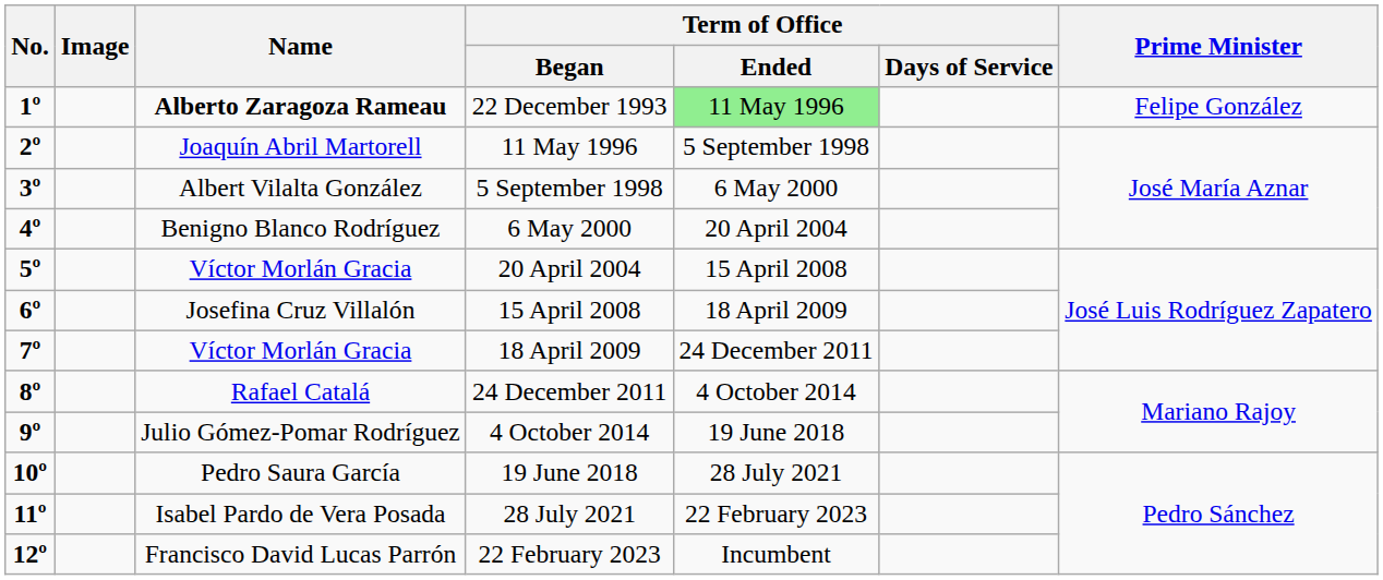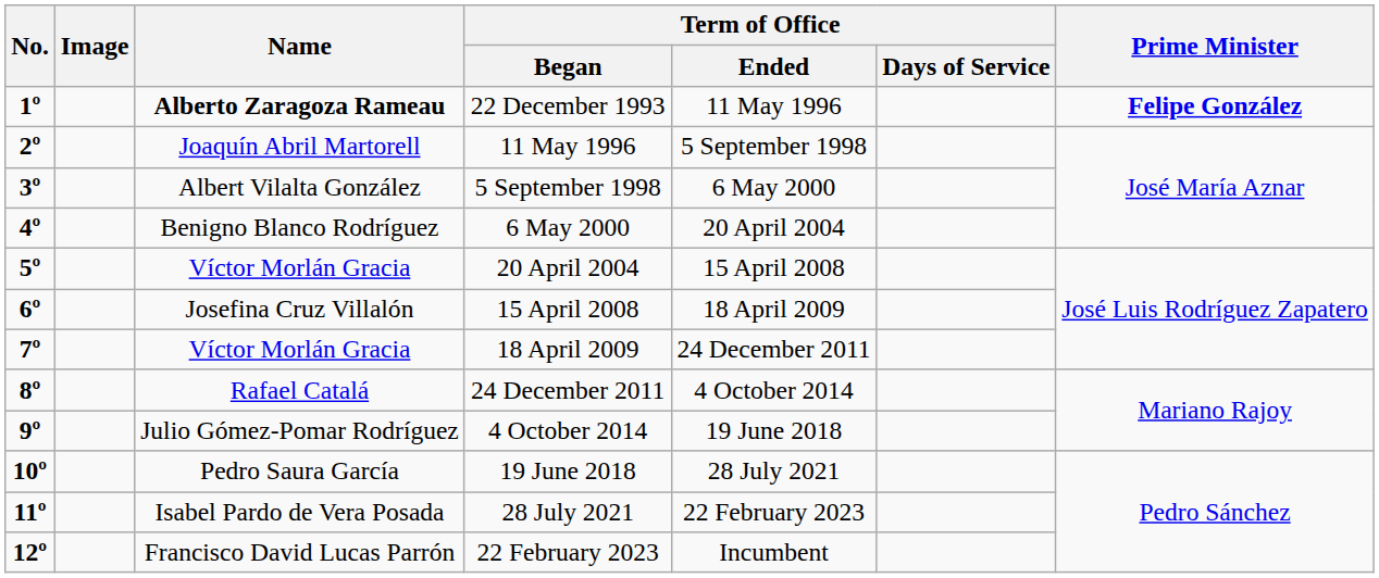 <table class="wikitable sortable" style="clear:right; text-align:center">
 <tr>
 <th rowspan="2">No.</th>
 <th rowspan="2">Image</th>
 <th rowspan="2">Name</th>
 <th colspan="3">Term of Office</th>
 <th rowspan="2"><a href='#'>Prime Minister</a></th>
 </tr>
 <tr>
 <th>Began</th>
 <th>Ended</th>
 <th>Days of Service</th>
 </tr>
 <tr>
 <td><strong>1º</strong></td>
 <td></td>
 <td><strong>Alberto Zaragoza Rameau</strong></td>
 <td>22 December 1993</td>
-<td style="background: lightgreen;">11 May 1996</td>
+<td>11 May 1996</td>
 <td></td>
-<td><a href='#'>Felipe González</a></td>
+<td><strong><a href='#'>Felipe González</a></strong></td>
 </tr>
 <tr>
 <td><strong>2º</strong></td>
 <td></td>
 <td><a href='#'>Joaquín Abril Martorell</a></td>
 <td>11 May 1996</td>
 <td>5 September 1998</td>
 <td></td>
 <td rowspan="3"><a href='#'>José María Aznar</a></td>
 </tr>
 <tr>
 <td><strong>3º</strong></td>
 <td></td>
 <td>Albert Vilalta González</td>
 <td>5 September 1998</td>
 <td>6 May 2000</td>
 <td></td>
 </tr>
 <tr>
 <td><strong>4º</strong></td>
 <td></td>
 <td>Benigno Blanco Rodríguez</td>
 <td>6 May 2000</td>
 <td>20 April 2004</td>
 <td></td>
 </tr>
 <tr>
 <td><strong>5º</strong></td>
 <td></td>
 <td><a href='#'>Víctor Morlán Gracia</a></td>
 <td>20 April 2004</td>
 <td>15 April 2008</td>
 <td></td>
 <td rowspan="3"><a href='#'>José Luis Rodríguez Zapatero</a></td>
 </tr>
 <tr>
 <td><strong>6º</strong></td>
 <td></td>
 <td>Josefina Cruz Villalón</td>
 <td>15 April 2008</td>
 <td>18 April 2009</td>
 <td></td>
 </tr>
 <tr>
 <td><strong>7º</strong></td>
 <td></td>
 <td><a href='#'>Víctor Morlán Gracia</a></td>
 <td>18 April 2009</td>
 <td>24 December 2011</td>
 <td></td>
 </tr>
 <tr>
 <td><strong>8º</strong></td>
 <td></td>
 <td><a href='#'>Rafael Catalá</a></td>
 <td>24 December 2011</td>
 <td>4 October 2014</td>
 <td></td>
 <td rowspan="2"><a href='#'>Mariano Rajoy</a></td>
 </tr>
 <tr>
 <td><strong>9º</strong></td>
 <td></td>
 <td>Julio Gómez-Pomar Rodríguez</td>
 <td>4 October 2014</td>
 <td>19 June 2018</td>
 <td></td>
 </tr>
 <tr>
 <td><strong>10º</strong></td>
 <td></td>
 <td>Pedro Saura García</td>
 <td>19 June 2018</td>
 <td>28 July 2021</td>
 <td></td>
 <td rowspan=3><a href='#'>Pedro Sánchez</a></td>
 </tr>
 <tr>
 <td><strong>11º</strong></td>
 <td></td>
 <td>Isabel Pardo de Vera Posada</td>
 <td>28 July 2021</td>
 <td>22 February 2023</td>
 <td></td>
 </tr>
 <tr>
 <td><strong>12º</strong></td>
 <td></td>
 <td>Francisco David Lucas Parrón</td>
 <td>22 February 2023</td>
 <td>Incumbent</td>
 <td></td>
 </tr>
 </table>
